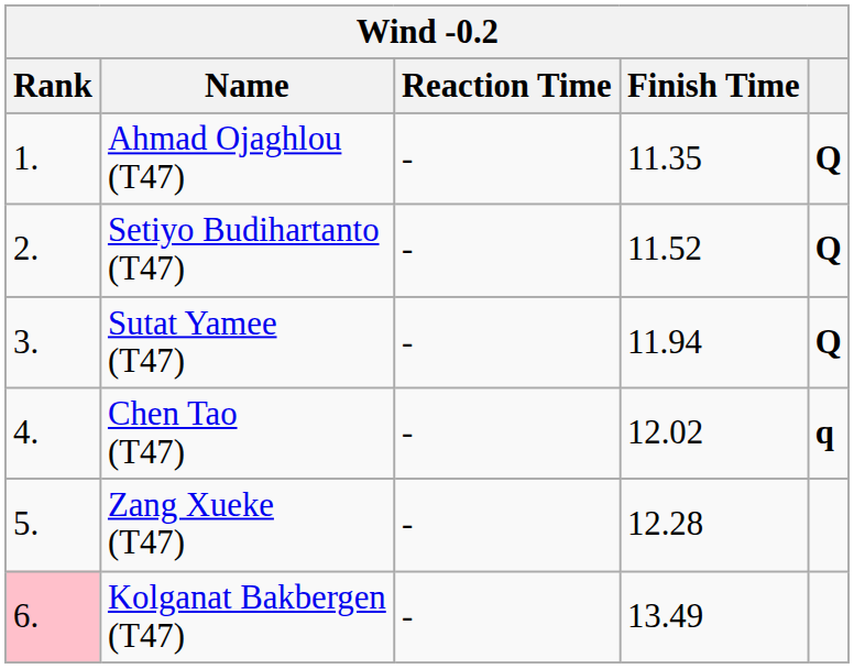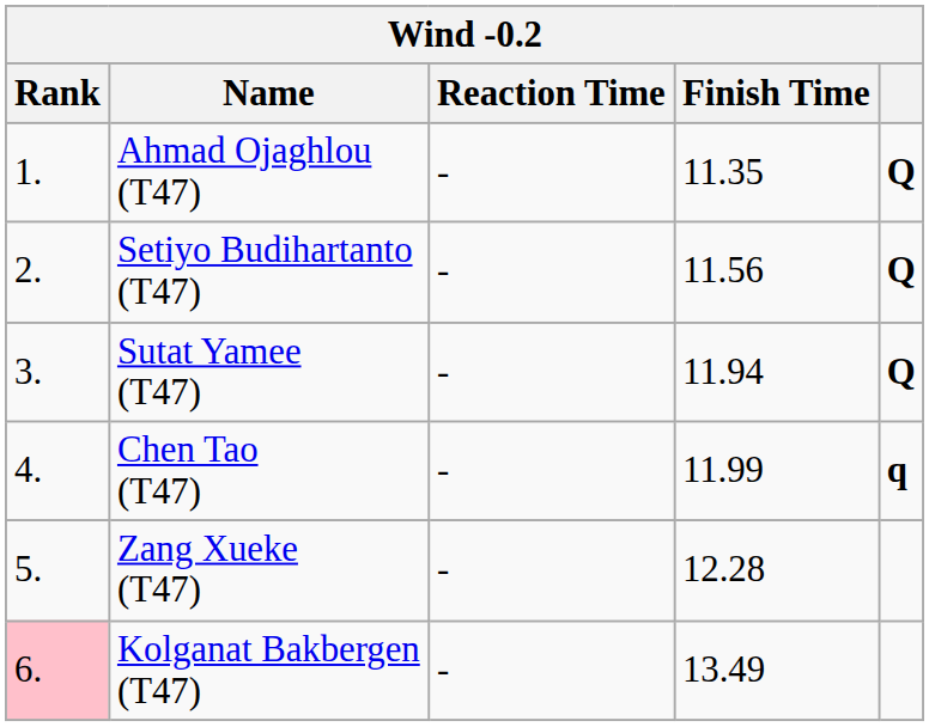 <table class="wikitable">
 <tr>
 <th colspan="5">Wind -0.2</th>
 </tr>
 <tr>
 <th>Rank</th>
 <th>Name</th>
 <th>Reaction Time</th>
 <th>Finish Time</th>
 <th></th>
 </tr>
 <tr>
 <td>1.</td>
 <td><a href='#'>Ahmad Ojaghlou</a><br>(T47) <br> </td>
 <td>-</td>
 <td>11.35</td>
 <td><strong>Q</strong></td>
 </tr>
 <tr>
 <td>2.</td>
 <td><a href='#'>Setiyo Budihartanto</a><br>(T47) <br> </td>
 <td>-</td>
-<td>11.52</td>
+<td>11.56</td>
 <td><strong>Q</strong></td>
 </tr>
 <tr>
 <td>3.</td>
 <td><a href='#'>Sutat Yamee</a><br>(T47) <br> </td>
 <td>-</td>
 <td>11.94</td>
 <td><strong>Q</strong></td>
 </tr>
 <tr>
 <td>4.</td>
 <td><a href='#'>Chen Tao</a><br>(T47) <br> </td>
 <td>-</td>
-<td>12.02</td>
+<td>11.99</td>
 <td><strong>q</strong></td>
 </tr>
 <tr>
 <td>5.</td>
 <td><a href='#'>Zang Xueke</a><br>(T47) <br> </td>
 <td>-</td>
 <td>12.28</td>
 <td></td>
 </tr>
 <tr>
 <td style="background: pink;">6.</td>
 <td><a href='#'>Kolganat Bakbergen</a><br>(T47) <br> </td>
 <td>-</td>
 <td>13.49</td>
 <td></td>
 </tr>
 </table>
